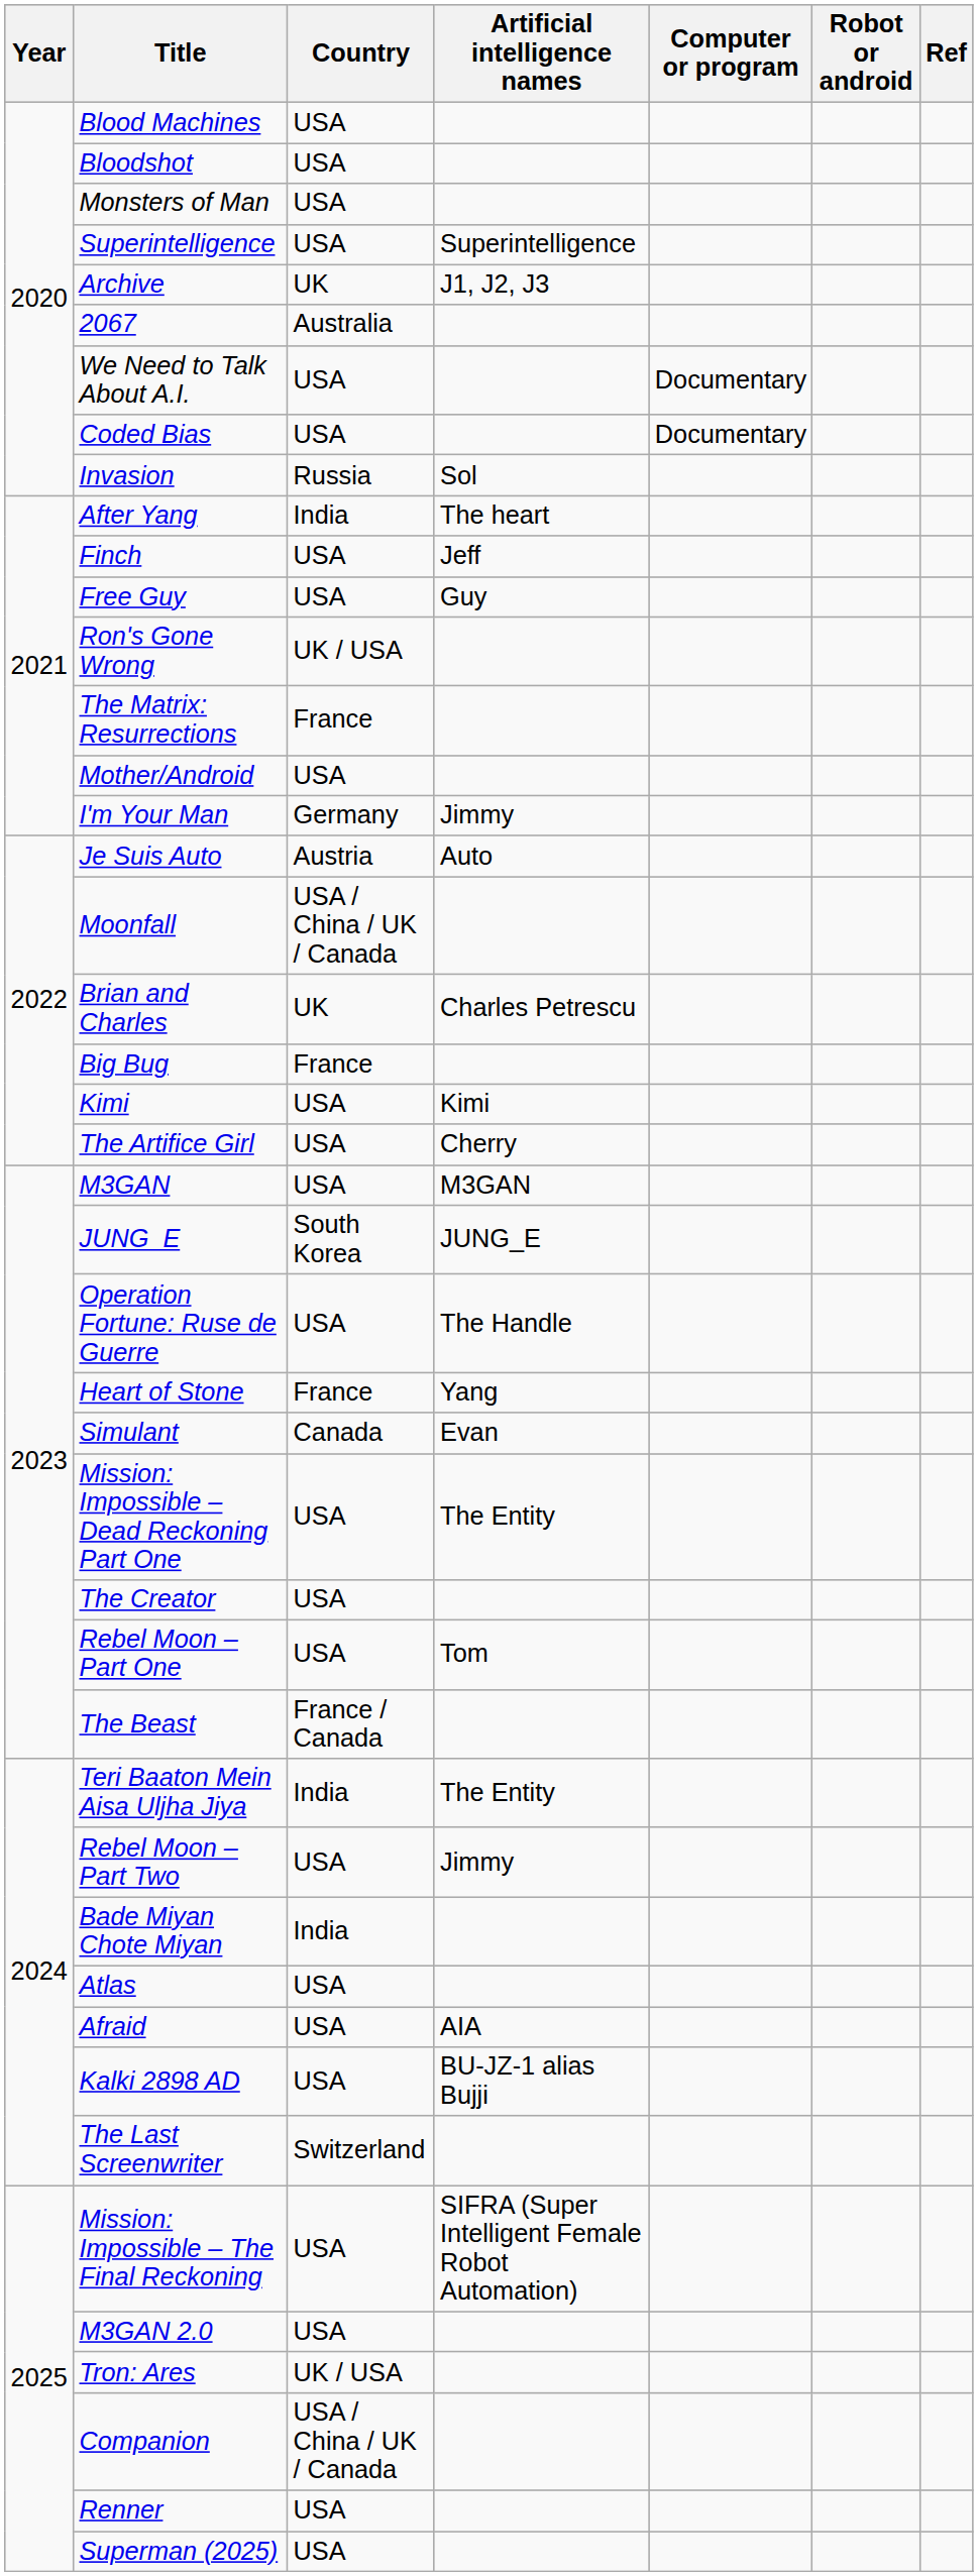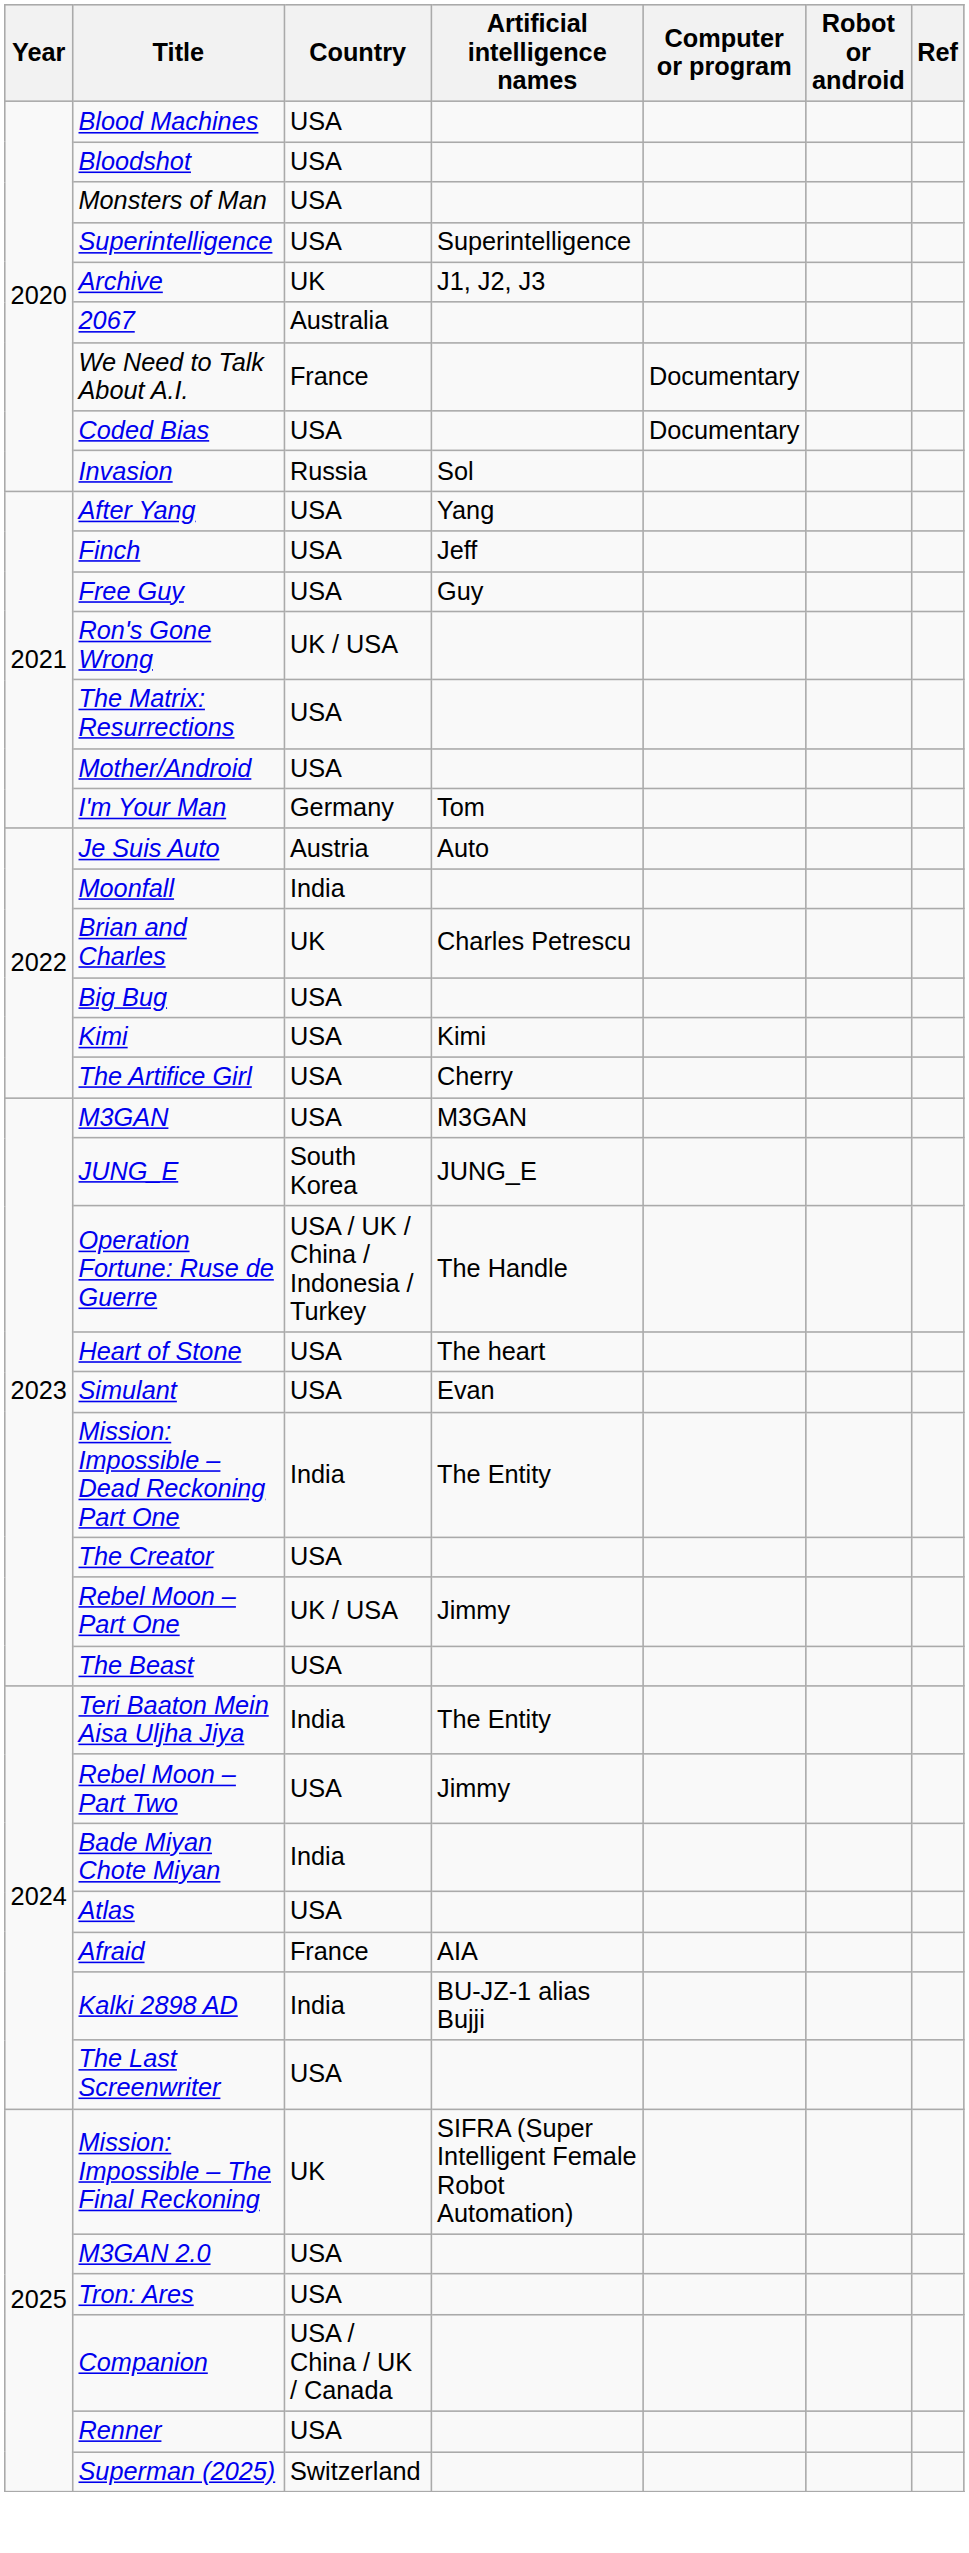 <table class="wikitable sortable mw-datatable">
 <tr>
 <th>Year</th>
 <th>Title</th>
 <th>Country</th>
 <th>Artificial intelligence names</th>
 <th>Computer<br>or program</th>
 <th>Robot or android</th>
 <th>Ref</th>
 </tr>
 <tr>
 <td rowspan="9">2020</td>
 <td><em><a href='#'>Blood Machines</a></em></td>
 <td>USA</td>
 <td></td>
 <td></td>
 <td></td>
 <td></td>
 </tr>
 <tr>
 <td><a href='#'><em>Bloodshot</em></a></td>
 <td>USA</td>
 <td></td>
 <td></td>
 <td></td>
 <td></td>
 </tr>
 <tr>
 <td><em>Monsters of Man</em></td>
 <td>USA</td>
 <td></td>
 <td></td>
 <td></td>
 <td></td>
 </tr>
 <tr>
 <td><a href='#'><em>Superintelligence</em></a></td>
 <td>USA</td>
 <td>Superintelligence</td>
 <td></td>
 <td></td>
 <td></td>
 </tr>
 <tr>
 <td><a href='#'><em>Archive</em></a></td>
 <td>UK</td>
 <td>J1, J2, J3</td>
 <td></td>
 <td></td>
 <td></td>
 </tr>
 <tr>
 <td><a href='#'><em>2067</em></a></td>
 <td>Australia</td>
 <td></td>
 <td></td>
 <td></td>
 <td></td>
 </tr>
 <tr>
 <td><em>We Need to Talk About A.I.</em></td>
-<td>USA</td>
+<td>France</td>
 <td></td>
 <td>Documentary</td>
 <td></td>
 <td></td>
 </tr>
 <tr>
 <td><em><a href='#'>Coded Bias</a></em></td>
 <td>USA</td>
 <td></td>
 <td>Documentary</td>
 <td></td>
 <td></td>
 </tr>
 <tr>
 <td><a href='#'><em>Invasion</em></a></td>
 <td>Russia</td>
 <td>Sol</td>
 <td></td>
 <td></td>
 <td></td>
 </tr>
 <tr>
 <td rowspan="7">2021</td>
 <td><em><a href='#'>After Yang</a></em></td>
-<td>India</td>
-<td>The heart</td>
+<td>USA</td>
+<td>Yang</td>
 <td></td>
 <td></td>
 <td></td>
 </tr>
 <tr>
 <td><em><a href='#'>Finch</a></em></td>
 <td>USA</td>
 <td>Jeff</td>
 <td></td>
 <td></td>
 <td></td>
 </tr>
 <tr>
 <td><em><a href='#'>Free Guy</a></em></td>
 <td>USA</td>
 <td>Guy</td>
 <td></td>
 <td></td>
 <td></td>
 </tr>
 <tr>
 <td><em><a href='#'>Ron's Gone Wrong</a></em></td>
 <td>UK / USA</td>
 <td></td>
 <td></td>
 <td></td>
 <td></td>
 </tr>
 <tr>
 <td><em><a href='#'>The Matrix: Resurrections</a></em></td>
-<td>France</td>
+<td>USA</td>
 <td></td>
 <td></td>
 <td></td>
 <td></td>
 </tr>
 <tr>
 <td><em><a href='#'>Mother/Android</a></em></td>
 <td>USA</td>
 <td></td>
 <td></td>
 <td></td>
 <td></td>
 </tr>
 <tr>
 <td><a href='#'><em>I'm Your Man</em></a></td>
 <td>Germany</td>
-<td>Jimmy</td>
+<td>Tom</td>
 <td></td>
 <td></td>
 <td></td>
 </tr>
 <tr>
 <td rowspan="6">2022</td>
 <td><em><a href='#'>Je Suis Auto</a></em></td>
 <td>Austria</td>
 <td>Auto</td>
 <td></td>
 <td></td>
 <td></td>
 </tr>
 <tr>
 <td><a href='#'><em>Moonfall</em></a></td>
-<td>USA / China / UK / Canada</td>
+<td>India</td>
 <td></td>
 <td></td>
 <td></td>
 <td></td>
 </tr>
 <tr>
 <td><em><a href='#'>Brian and Charles</a></em></td>
 <td>UK</td>
 <td>Charles Petrescu</td>
 <td></td>
 <td></td>
 <td></td>
 </tr>
 <tr>
 <td><a href='#'><em>Big Bug</em></a></td>
-<td>France</td>
+<td>USA</td>
 <td></td>
 <td></td>
 <td></td>
 <td></td>
 </tr>
 <tr>
 <td><em><a href='#'>Kimi</a></em></td>
 <td>USA</td>
 <td>Kimi</td>
 <td></td>
 <td></td>
 <td></td>
 </tr>
 <tr>
 <td><em><a href='#'>The Artifice Girl</a></em></td>
 <td>USA</td>
 <td>Cherry</td>
 <td></td>
 <td></td>
 <td></td>
 </tr>
 <tr>
 <td rowspan="9">2023</td>
 <td><em><a href='#'>M3GAN</a></em></td>
 <td>USA</td>
 <td>M3GAN</td>
 <td></td>
 <td></td>
 <td></td>
 </tr>
 <tr>
 <td><em><a href='#'>JUNG_E</a></em></td>
 <td>South Korea</td>
 <td>JUNG_E</td>
 <td></td>
 <td></td>
 <td></td>
 </tr>
 <tr>
 <td><em><a href='#'>Operation Fortune: Ruse de Guerre</a></em></td>
-<td>USA</td>
+<td>USA / UK / China / Indonesia / Turkey</td>
 <td>The Handle</td>
 <td></td>
 <td></td>
 <td></td>
 </tr>
 <tr>
 <td><a href='#'><em>Heart of Stone</em></a></td>
-<td>France</td>
-<td>Yang</td>
+<td>USA</td>
+<td>The heart</td>
 <td></td>
 <td></td>
 <td></td>
 </tr>
 <tr>
 <td><a href='#'><em>Simulant</em></a></td>
-<td>Canada</td>
+<td>USA</td>
 <td>Evan</td>
 <td></td>
 <td></td>
 <td></td>
 </tr>
 <tr>
 <td><em><a href='#'>Mission: Impossible – Dead Reckoning Part One</a></em></td>
-<td>USA</td>
+<td>India</td>
 <td>The Entity</td>
 <td></td>
 <td></td>
 <td></td>
 </tr>
 <tr>
 <td><a href='#'><em>The Creator</em></a></td>
 <td>USA</td>
 <td></td>
 <td></td>
 <td></td>
 <td></td>
 </tr>
 <tr>
 <td><a href='#'><em>Rebel Moon – Part One</em></a></td>
-<td>USA</td>
-<td>Tom</td>
+<td>UK / USA</td>
+<td>Jimmy</td>
 <td></td>
 <td></td>
 <td></td>
 </tr>
 <tr>
 <td><a href='#'><em>The Beast</em></a></td>
-<td>France / Canada</td>
+<td>USA</td>
 <td></td>
 <td></td>
 <td></td>
 <td></td>
 </tr>
 <tr>
 <td rowspan="7">2024</td>
 <td><em><a href='#'>Teri Baaton Mein Aisa Uljha Jiya</a></em></td>
 <td>India</td>
 <td>The Entity</td>
 <td></td>
 <td></td>
 <td></td>
 </tr>
 <tr>
 <td><em><a href='#'>Rebel Moon – Part Two</a></em></td>
 <td>USA</td>
 <td>Jimmy</td>
 <td></td>
 <td></td>
 <td></td>
 </tr>
 <tr>
 <td><a href='#'><em>Bade Miyan Chote Miyan</em></a></td>
 <td>India</td>
 <td></td>
 <td></td>
 <td></td>
 <td></td>
 </tr>
 <tr>
 <td><em><a href='#'>Atlas</a></em></td>
 <td>USA</td>
 <td></td>
 <td></td>
 <td></td>
 <td></td>
 </tr>
 <tr>
 <td><em><a href='#'>Afraid</a></em></td>
-<td>USA</td>
+<td>France</td>
 <td>AIA</td>
 <td></td>
 <td></td>
 <td></td>
 </tr>
 <tr>
 <td><em><a href='#'>Kalki 2898 AD</a></em></td>
-<td>USA</td>
+<td>India</td>
 <td>BU-JZ-1 alias Bujji</td>
 <td></td>
 <td></td>
 <td></td>
 </tr>
 <tr>
 <td><em><a href='#'>The Last Screenwriter</a></em></td>
-<td>Switzerland</td>
+<td>USA</td>
 <td></td>
 <td></td>
 <td></td>
 <td></td>
 </tr>
 <tr>
 <td rowspan="6">2025</td>
 <td><em><a href='#'>Mission: Impossible – The Final Reckoning</a></em></td>
-<td>USA</td>
+<td>UK</td>
 <td>SIFRA (Super Intelligent Female Robot Automation)</td>
 <td></td>
 <td></td>
 <td></td>
 </tr>
 <tr>
 <td><em><a href='#'>M3GAN 2.0</a></em></td>
 <td>USA</td>
 <td></td>
 <td></td>
 <td></td>
 <td></td>
 </tr>
 <tr>
 <td><em><a href='#'>Tron: Ares</a></em></td>
-<td>UK / USA</td>
+<td>USA</td>
 <td></td>
 <td></td>
 <td></td>
 <td></td>
 </tr>
 <tr>
 <td><a href='#'><em>Companion</em></a></td>
 <td>USA / China / UK / Canada</td>
 <td></td>
 <td></td>
 <td></td>
 <td></td>
 </tr>
 <tr>
 <td><a href='#'><em>Renner</em></a></td>
 <td>USA</td>
 <td></td>
 <td></td>
 <td></td>
 <td></td>
 </tr>
 <tr>
 <td><a href='#'><em>Superman (2025)</em></a></td>
-<td>USA</td>
+<td>Switzerland</td>
 <td></td>
 <td></td>
 <td></td>
 <td></td>
 </tr>
 <tr>
 </tr>
 </table>
